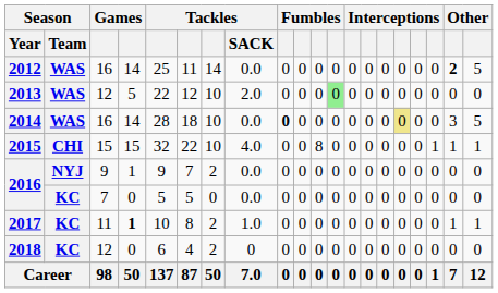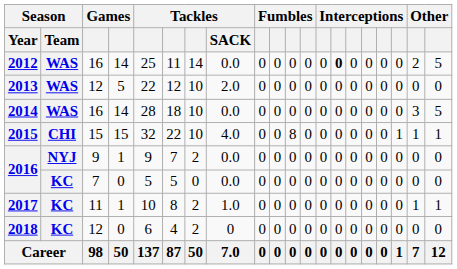 <table class="wikitable" style="text-align:center">
 <tr>
 <th colspan=2>Season</th>
 <th colspan=2>Games</th>
 <th colspan=4>Tackles</th>
 <th colspan=4>Fumbles</th>
 <th colspan=6>Interceptions</th>
 <th colspan=4>Other</th>
 </tr>
 <tr>
 <th>Year</th>
 <th>Team</th>
 <th></th>
 <th></th>
 <th></th>
 <th></th>
 <th></th>
 <th>SACK</th>
 <th></th>
 <th></th>
 <th></th>
 <th></th>
 <th></th>
 <th></th>
 <th></th>
 <th></th>
 <th></th>
 <th></th>
 <th></th>
 <th></th>
 </tr>
 <tr>
 <th><a href='#'>2012</a></th>
 <th><a href='#'>WAS</a></th>
 <td>16</td>
 <td>14</td>
 <td>25</td>
 <td>11</td>
 <td>14</td>
 <td>0.0</td>
 <td>0</td>
 <td>0</td>
 <td>0</td>
 <td>0</td>
 <td>0</td>
+<td><strong>0</strong></td>
 <td>0</td>
 <td>0</td>
 <td>0</td>
 <td>0</td>
-<td>0</td>
-<td><strong>2</strong></td>
+<td>2</td>
 <td>5</td>
 </tr>
 <tr>
 <th><a href='#'>2013</a></th>
 <th><a href='#'>WAS</a></th>
 <td>12</td>
 <td>5</td>
 <td>22</td>
 <td>12</td>
 <td>10</td>
 <td>2.0</td>
 <td>0</td>
 <td>0</td>
 <td>0</td>
-<td style="background: lightgreen;">0</td>
+<td>0</td>
 <td>0</td>
 <td>0</td>
 <td>0</td>
 <td>0</td>
 <td>0</td>
 <td>0</td>
 <td>0</td>
 <td>0</td>
 </tr>
 <tr>
 <th><a href='#'>2014</a></th>
 <th><a href='#'>WAS</a></th>
 <td>16</td>
 <td>14</td>
 <td>28</td>
 <td>18</td>
 <td>10</td>
 <td>0.0</td>
-<td><strong>0</strong></td>
 <td>0</td>
 <td>0</td>
 <td>0</td>
 <td>0</td>
 <td>0</td>
 <td>0</td>
-<td style="background: khaki;">0</td>
+<td>0</td>
+<td>0</td>
 <td>0</td>
 <td>0</td>
 <td>3</td>
 <td>5</td>
 </tr>
 <tr>
 <th><a href='#'>2015</a></th>
 <th><a href='#'>CHI</a></th>
 <td>15</td>
 <td>15</td>
 <td>32</td>
 <td>22</td>
 <td>10</td>
 <td>4.0</td>
 <td>0</td>
 <td>0</td>
 <td>8</td>
 <td>0</td>
 <td>0</td>
 <td>0</td>
 <td>0</td>
 <td>0</td>
 <td>0</td>
 <td>1</td>
 <td>1</td>
 <td>1</td>
 </tr>
 <tr>
 <th rowspan=2><a href='#'>2016</a></th>
 <th><a href='#'>NYJ</a></th>
 <td>9</td>
 <td>1</td>
 <td>9</td>
 <td>7</td>
 <td>2</td>
 <td>0.0</td>
 <td>0</td>
 <td>0</td>
 <td>0</td>
 <td>0</td>
 <td>0</td>
 <td>0</td>
 <td>0</td>
 <td>0</td>
 <td>0</td>
 <td>0</td>
 <td>0</td>
 <td>0</td>
 </tr>
 <tr>
 <th><a href='#'>KC</a></th>
 <td>7</td>
 <td>0</td>
 <td>5</td>
 <td>5</td>
 <td>0</td>
 <td>0.0</td>
 <td>0</td>
 <td>0</td>
 <td>0</td>
 <td>0</td>
 <td>0</td>
 <td>0</td>
 <td>0</td>
 <td>0</td>
 <td>0</td>
 <td>0</td>
 <td>0</td>
 <td>0</td>
 </tr>
 <tr>
 <th><a href='#'>2017</a></th>
 <th><a href='#'>KC</a></th>
 <td>11</td>
-<td><strong>1</strong></td>
+<td>1</td>
 <td>10</td>
 <td>8</td>
 <td>2</td>
 <td>1.0</td>
 <td>0</td>
 <td>0</td>
 <td>0</td>
 <td>0</td>
 <td>0</td>
 <td>0</td>
 <td>0</td>
 <td>0</td>
 <td>0</td>
 <td>0</td>
 <td>1</td>
 <td>1</td>
 </tr>
 <tr>
 <th><a href='#'>2018</a></th>
 <th><a href='#'>KC</a></th>
 <td>12</td>
 <td>0</td>
 <td>6</td>
 <td>4</td>
 <td>2</td>
 <td>0</td>
 <td>0</td>
 <td>0</td>
 <td>0</td>
 <td>0</td>
 <td>0</td>
 <td>0</td>
 <td>0</td>
 <td>0</td>
 <td>0</td>
 <td>0</td>
 <td>0</td>
 <td>0</td>
 </tr>
 <tr>
 <th colspan=2>Career</th>
 <th>98</th>
 <th>50</th>
 <th>137</th>
 <th>87</th>
 <th>50</th>
 <th>7.0</th>
 <th>0</th>
 <th>0</th>
 <th>0</th>
 <th>0</th>
 <th>0</th>
 <th>0</th>
 <th>0</th>
 <th>0</th>
 <th>0</th>
 <th>1</th>
 <th>7</th>
 <th>12</th>
 </tr>
 </table>
